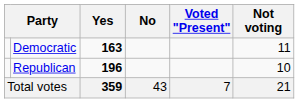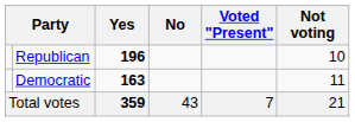 <table class="wikitable" style="margin-right: 1em; background: #f9f9f9; text-align: right;">
 <tr>
 <th colspan="2" scope="col" style="width: 90px">Party</th>
 <th scope="col" style="width: 50px">Yes</th>
 <th scope="col" style="width: 50px">No</th>
 <th scope="col" style="width: 50px"><a href='#'>Voted "Present"</a></th>
 <th scope="col" style="width: 70px">Not voting</th>
 </tr>
 <tr>
 <td scope="row" style="background-color:"></td>
+<td scope="row" style="text-align: left;"><a href='#'>Republican</a></td>
+<td><strong>196</strong></td>
+<td></td>
+<td></td>
+<td>10</td>
+</tr>
+<tr>
+<td scope="row" style="background-color:"></td>
 <td scope="row" style="text-align: left;"><a href='#'>Democratic</a></td>
 <td><strong>163</strong></td>
 <td></td>
 <td></td>
 <td>11</td>
-</tr>
-<tr>
-<td scope="row" style="background-color:"></td>
-<td scope="row" style="text-align: left;"><a href='#'>Republican</a></td>
-<td><strong>196</strong></td>
-<td></td>
-<td></td>
-<td>10</td>
 </tr>
 <tr class="tfoot" style="background:#f2f2f2;">
 <td scope="row" colspan="2" style="text-align:left;">Total votes</td>
 <td><strong>359</strong></td>
 <td>43</td>
 <td>7</td>
 <td>21</td>
 </tr>
 </table>
